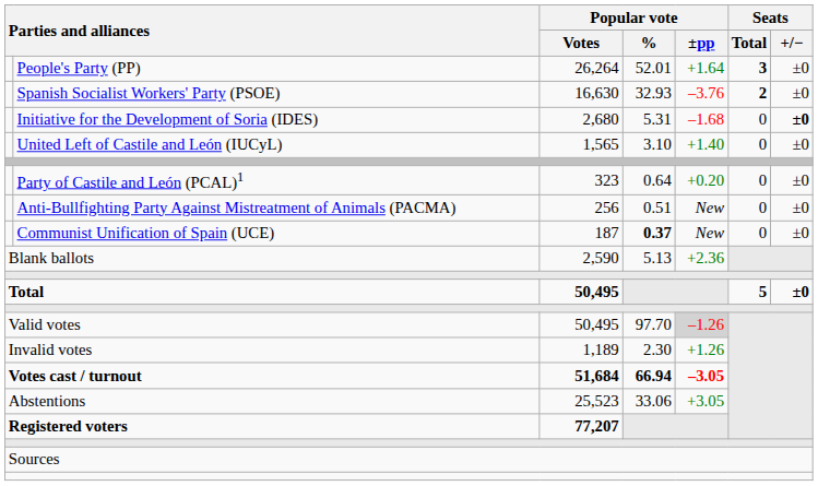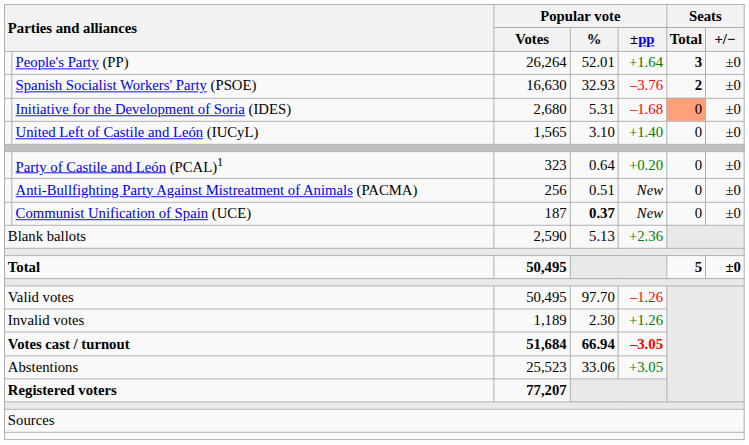 <table class="wikitable" style="text-align:right;">
 <tr>
 <th style="text-align:left;" rowspan="2" colspan="2" width="525">Parties and alliances</th>
 <th colspan="3">Popular vote</th>
 <th colspan="2">Seats</th>
 </tr>
 <tr>
 <th width="75">Votes</th>
 <th width="45">%</th>
 <th width="45">±<a href='#'>pp</a></th>
 <th width="35">Total</th>
 <th width="35">+/−</th>
 </tr>
 <tr>
 <td width="1" style="color:inherit;background:"></td>
 <td align="left"><a href='#'>People's Party</a> (PP)</td>
 <td>26,264</td>
 <td>52.01</td>
 <td style="color:green;">+1.64</td>
 <td><strong>3</strong></td>
 <td>±0</td>
 </tr>
 <tr>
 <td style="color:inherit;background:"></td>
 <td align="left"><a href='#'>Spanish Socialist Workers' Party</a> (PSOE)</td>
 <td>16,630</td>
 <td>32.93</td>
 <td style="color:red;">–3.76</td>
 <td><strong>2</strong></td>
 <td>±0</td>
 </tr>
 <tr>
 <td style="color:inherit;background:"></td>
 <td align="left"><a href='#'>Initiative for the Development of Soria</a> (IDES)</td>
 <td>2,680</td>
 <td>5.31</td>
 <td style="color:red;">–1.68</td>
-<td>0</td>
-<td><strong>±0</strong></td>
+<td style="background: lightsalmon;">0</td>
+<td>±0</td>
 </tr>
 <tr>
 <td style="color:inherit;background:"></td>
 <td align="left"><a href='#'>United Left of Castile and León</a> (IUCyL)</td>
 <td>1,565</td>
 <td>3.10</td>
 <td style="color:green;">+1.40</td>
 <td>0</td>
 <td>±0</td>
 </tr>
 <tr>
 <td colspan="7" bgcolor="#C0C0C0"></td>
 </tr>
 <tr>
 <td style="color:inherit;background:"></td>
 <td align="left"><a href='#'>Party of Castile and León</a> (PCAL)<sup>1</sup></td>
 <td>323</td>
 <td>0.64</td>
 <td style="color:green;">+0.20</td>
 <td>0</td>
 <td>±0</td>
 </tr>
 <tr>
 <td style="color:inherit;background:"></td>
 <td align="left"><a href='#'>Anti-Bullfighting Party Against Mistreatment of Animals</a> (PACMA)</td>
 <td>256</td>
 <td>0.51</td>
 <td><em>New</em></td>
 <td>0</td>
 <td>±0</td>
 </tr>
 <tr>
 <td style="color:inherit;background:"></td>
 <td align="left"><a href='#'>Communist Unification of Spain</a> (UCE)</td>
 <td>187</td>
 <td><strong>0.37</strong></td>
 <td><em>New</em></td>
 <td>0</td>
 <td>±0</td>
 </tr>
 <tr>
 <td align="left" colspan="2">Blank ballots</td>
 <td>2,590</td>
 <td>5.13</td>
 <td style="color:green;">+2.36</td>
 <td bgcolor="#E9E9E9" colspan="2"></td>
 </tr>
 <tr>
 <td colspan="7" bgcolor="#E9E9E9"></td>
 </tr>
 <tr style="font-weight:bold;">
 <td align="left" colspan="2">Total</td>
 <td>50,495</td>
 <td bgcolor="#E9E9E9" colspan="2"></td>
 <td>5</td>
 <td>±0</td>
 </tr>
 <tr>
 <td colspan="7" bgcolor="#E9E9E9"></td>
 </tr>
 <tr>
 <td align="left" colspan="2">Valid votes</td>
 <td>50,495</td>
 <td>97.70</td>
-<td style="background: lightgrey; color:red;">–1.26</td>
+<td style="color:red;">–1.26</td>
 <td bgcolor="#E9E9E9" colspan="2" rowspan="5"></td>
 </tr>
 <tr>
 <td align="left" colspan="2">Invalid votes</td>
 <td>1,189</td>
 <td>2.30</td>
 <td style="color:green;">+1.26</td>
 </tr>
 <tr style="font-weight:bold;">
 <td align="left" colspan="2">Votes cast / turnout</td>
 <td>51,684</td>
 <td>66.94</td>
 <td style="color:red;">–3.05</td>
 </tr>
 <tr>
 <td align="left" colspan="2">Abstentions</td>
 <td>25,523</td>
 <td>33.06</td>
 <td style="color:green;">+3.05</td>
 </tr>
 <tr style="font-weight:bold;">
 <td align="left" colspan="2">Registered voters</td>
 <td>77,207</td>
 <td bgcolor="#E9E9E9" colspan="2"></td>
 </tr>
 <tr>
 <td colspan="7" bgcolor="#E9E9E9"></td>
 </tr>
 <tr>
 <td align="left" colspan="7">Sources</td>
 </tr>
 <tr>
 <td colspan="7" style="text-align:left; max-width:790px;"></td>
 </tr>
 </table>
